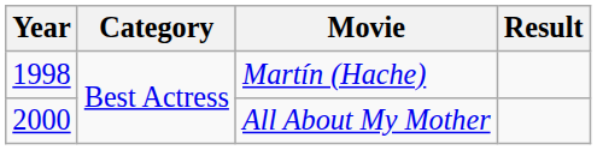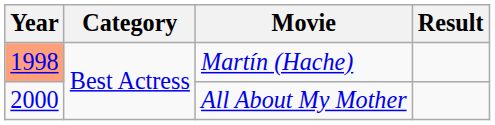 <table class="wikitable">
 <tr>
 <th>Year</th>
 <th>Category</th>
 <th>Movie</th>
 <th>Result</th>
 </tr>
 <tr>
-<td><a href='#'>1998</a></td>
+<td style="background: lightsalmon;"><a href='#'>1998</a></td>
 <td rowspan="2"><a href='#'>Best Actress</a></td>
 <td><em><a href='#'>Martín (Hache)</a></em></td>
 <td></td>
 </tr>
 <tr>
 <td><a href='#'>2000</a></td>
 <td><em><a href='#'>All About My Mother</a></em></td>
 <td></td>
 </tr>
 </table>
